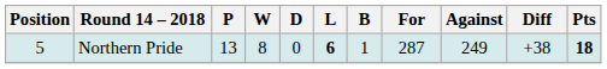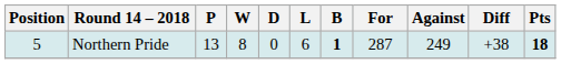 <table class="wikitable" style="text-align:center; font-size:85%;">
 <tr style="background: #d7ebed;">
 <th width="40" abbr="Position">Position</th>
 <th width="100">Round 14 – 2018</th>
 <th width="20" abbr="Played">P</th>
 <th width="20" abbr="Won">W</th>
 <th width="20" abbr="Drawn">D</th>
 <th width="20" abbr="Lost">L</th>
 <th width="20" abbr="Bye">B</th>
 <th width="40" abbr="Points for">For</th>
 <th width="40" abbr="Points against">Against</th>
 <th width="40" abbr="Points difference">Diff</th>
 <th width=20 abbr="Points">Pts</th>
 </tr>
 <tr style="background: #d7ebed;">
 <td>5</td>
 <td style="text-align:left;"> Northern Pride</td>
 <td>13</td>
 <td>8</td>
 <td>0</td>
-<td><strong>6</strong></td>
-<td>1</td>
+<td>6</td>
+<td><strong>1</strong></td>
 <td>287</td>
 <td>249</td>
 <td>+38</td>
 <td><strong>18</strong></td>
 </tr>
 <tr>
 </tr>
 </table>
